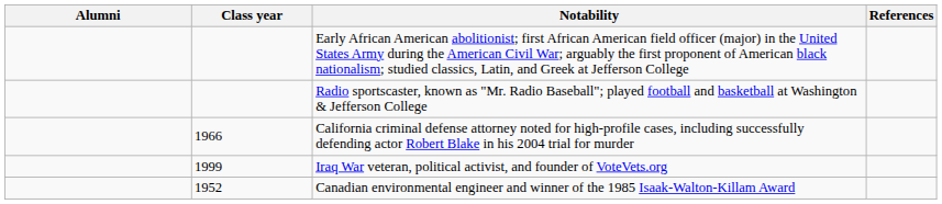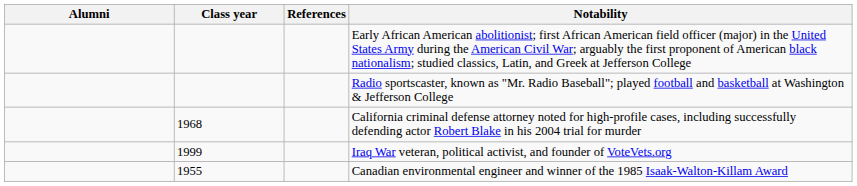 <table class="wikitable sortable col2center col4center vertical-align-top" width=85%>
 <tr>
 <th width="20%">Alumni</th>
 <th width="13%">Class year</th>
+<th width="4%" class="unsortable">References</th>
 <th width="*" class="unsortable">Notability</th>
-<th width="4%" class="unsortable">References</th>
 </tr>
 <tr>
 <td></td>
 <td></td>
+<td></td>
 <td>Early African American <a href='#'>abolitionist</a>; first African American field officer (major) in the <a href='#'>United States Army</a> during the <a href='#'>American Civil War</a>; arguably the first proponent of American <a href='#'>black nationalism</a>; studied classics, Latin, and Greek at Jefferson College</td>
-<td></td>
 </tr>
 <tr>
 <td></td>
 <td></td>
+<td></td>
 <td><a href='#'>Radio</a> sportscaster, known as "Mr. Radio Baseball"; played <a href='#'>football</a> and <a href='#'>basketball</a> at Washington & Jefferson College</td>
-<td></td>
 </tr>
 <tr>
 <td></td>
-<td>1966</td>
+<td>1968</td>
+<td></td>
 <td>California criminal defense attorney noted for high-profile cases, including successfully defending actor <a href='#'>Robert Blake</a> in his 2004 trial for murder</td>
-<td></td>
 </tr>
 <tr>
 <td></td>
 <td>1999</td>
+<td></td>
 <td><a href='#'>Iraq War</a> veteran, political activist, and founder of <a href='#'>VoteVets.org</a></td>
-<td></td>
 </tr>
 <tr>
 <td></td>
-<td>1952</td>
+<td>1955</td>
+<td></td>
 <td>Canadian environmental engineer and winner of the 1985 <a href='#'>Isaak-Walton-Killam Award</a></td>
-<td></td>
 </tr>
 </table>
